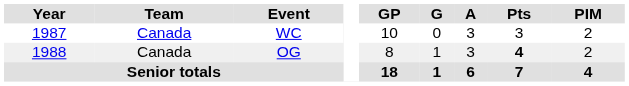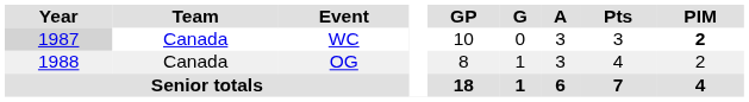 <table border="0" cellpadding="1" cellspacing="0" style="text-align:center; width:40em">
 <tr ALIGN="center" bgcolor="#e0e0e0">
 <th>Year</th>
 <th>Team</th>
 <th>Event</th>
 <th rowspan="99" bgcolor="#ffffff"> </th>
 <th>GP</th>
 <th>G</th>
 <th>A</th>
 <th>Pts</th>
 <th>PIM</th>
 </tr>
 <tr>
-<td><a href='#'>1987</a></td>
+<td style="background: lightgrey;"><a href='#'>1987</a></td>
 <td><a href='#'>Canada</a></td>
 <td><a href='#'>WC</a></td>
 <td>10</td>
 <td>0</td>
 <td>3</td>
 <td>3</td>
-<td>2</td>
+<td><strong>2</strong></td>
 </tr>
 <tr bgcolor="#f0f0f0">
 <td><a href='#'>1988</a></td>
 <td>Canada</td>
 <td><a href='#'>OG</a></td>
 <td>8</td>
 <td>1</td>
 <td>3</td>
-<td><strong>4</strong></td>
+<td>4</td>
 <td>2</td>
 </tr>
 <tr bgcolor="#e0e0e0">
 <th colspan=3>Senior totals</th>
 <th>18</th>
 <th>1</th>
 <th>6</th>
 <th>7</th>
 <th>4</th>
 </tr>
 </table>
